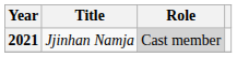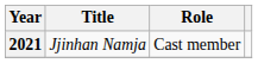 <table class="wikitable plainrowheaders sortable">
 <tr>
 <th scope="col">Year</th>
 <th scope="col">Title</th>
 <th scope="col">Role</th>
 <th scope="col" class="unsortable"></th>
 </tr>
 <tr>
 <th scope="row">2021</th>
 <td><em>Jjinhan Namja</em></td>
-<td style="background: lightgrey;">Cast member</td>
+<td>Cast member</td>
 <td></td>
 </tr>
 <tr>
 </tr>
 </table>
